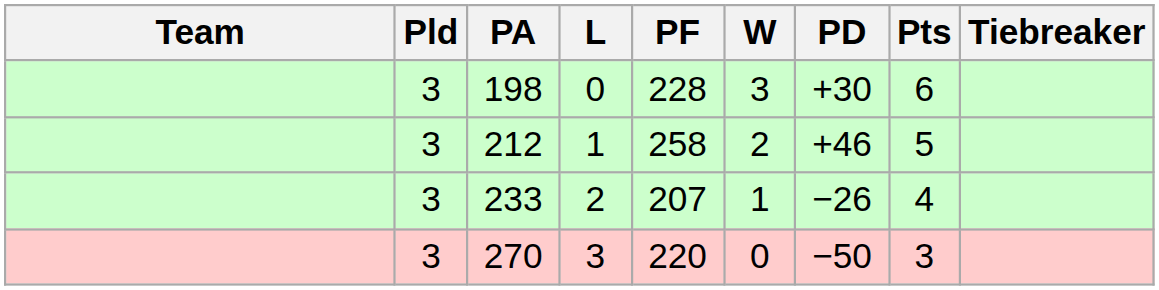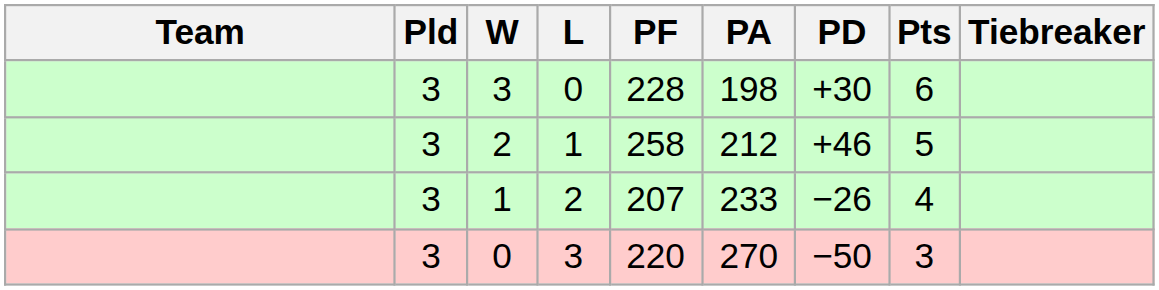 <table class="wikitable" style="text-align:center;">
 <tr>
 <th width=170>Team</th>
 <th width=25>Pld</th>
-<th width=35>PA</th>
+<th width=25>W</th>
 <th width=25>L</th>
 <th width=35>PF</th>
-<th width=25>W</th>
+<th width=35>PA</th>
 <th width=35>PD</th>
 <th width=25>Pts</th>
 <th width=50>Tiebreaker</th>
 </tr>
 <tr style="background:#ccffcc">
 <td style="text-align:left"></td>
 <td>3</td>
-<td>198</td>
+<td>3</td>
 <td>0</td>
 <td>228</td>
-<td>3</td>
+<td>198</td>
 <td>+30</td>
 <td>6</td>
 <td></td>
 </tr>
 <tr style="background:#ccffcc">
 <td style="text-align:left"></td>
 <td>3</td>
-<td>212</td>
+<td>2</td>
 <td>1</td>
 <td>258</td>
-<td>2</td>
+<td>212</td>
 <td>+46</td>
 <td>5</td>
 <td></td>
 </tr>
 <tr style="background:#ccffcc">
 <td style="text-align:left"></td>
 <td>3</td>
-<td>233</td>
+<td>1</td>
 <td>2</td>
 <td>207</td>
-<td>1</td>
+<td>233</td>
 <td>−26</td>
 <td>4</td>
 <td></td>
 </tr>
 <tr style="background:#ffcccc">
 <td style="text-align:left"></td>
 <td>3</td>
-<td>270</td>
+<td>0</td>
 <td>3</td>
 <td>220</td>
-<td>0</td>
+<td>270</td>
 <td>−50</td>
 <td>3</td>
 <td></td>
 </tr>
 </table>
